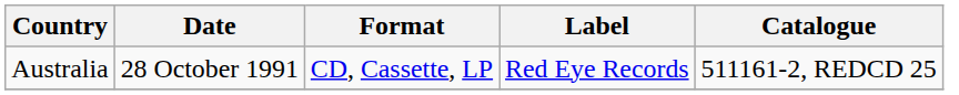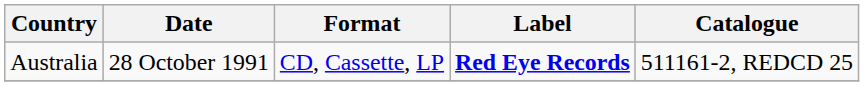 <table class="wikitable plainrowheaders">
 <tr>
 <th scope="col">Country</th>
 <th scope="col">Date</th>
 <th scope="col">Format</th>
 <th scope="col">Label</th>
 <th scope="col">Catalogue</th>
 </tr>
 <tr>
 <td>Australia</td>
 <td>28 October 1991</td>
 <td><a href='#'>CD</a>, <a href='#'>Cassette</a>, <a href='#'>LP</a></td>
-<td><a href='#'>Red Eye Records</a></td>
+<td><strong><a href='#'>Red Eye Records</a></strong></td>
 <td>511161-2, REDCD 25</td>
 </tr>
 <tr>
 </tr>
 </table>
